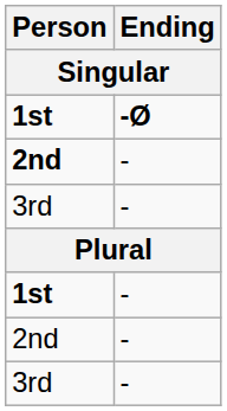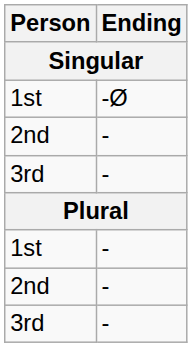 <table class="wikitable">
 <tr>
 <th>Person</th>
 <th>Ending</th>
 </tr>
 <tr>
 <th colspan="2">Singular</th>
 </tr>
 <tr>
-<td><strong>1st</strong></td>
-<td><strong>-Ø</strong></td>
+<td>1st</td>
+<td>-Ø</td>
 </tr>
 <tr>
-<td><strong>2nd</strong></td>
+<td>2nd</td>
 <td>-</td>
 </tr>
 <tr>
 <td>3rd</td>
 <td>-</td>
 </tr>
 <tr>
 <th colspan="2">Plural</th>
 </tr>
 <tr>
-<td><strong>1st</strong></td>
+<td>1st</td>
 <td>-</td>
 </tr>
 <tr>
 <td>2nd</td>
 <td>-</td>
 </tr>
 <tr>
 <td>3rd</td>
 <td>-</td>
 </tr>
 </table>
